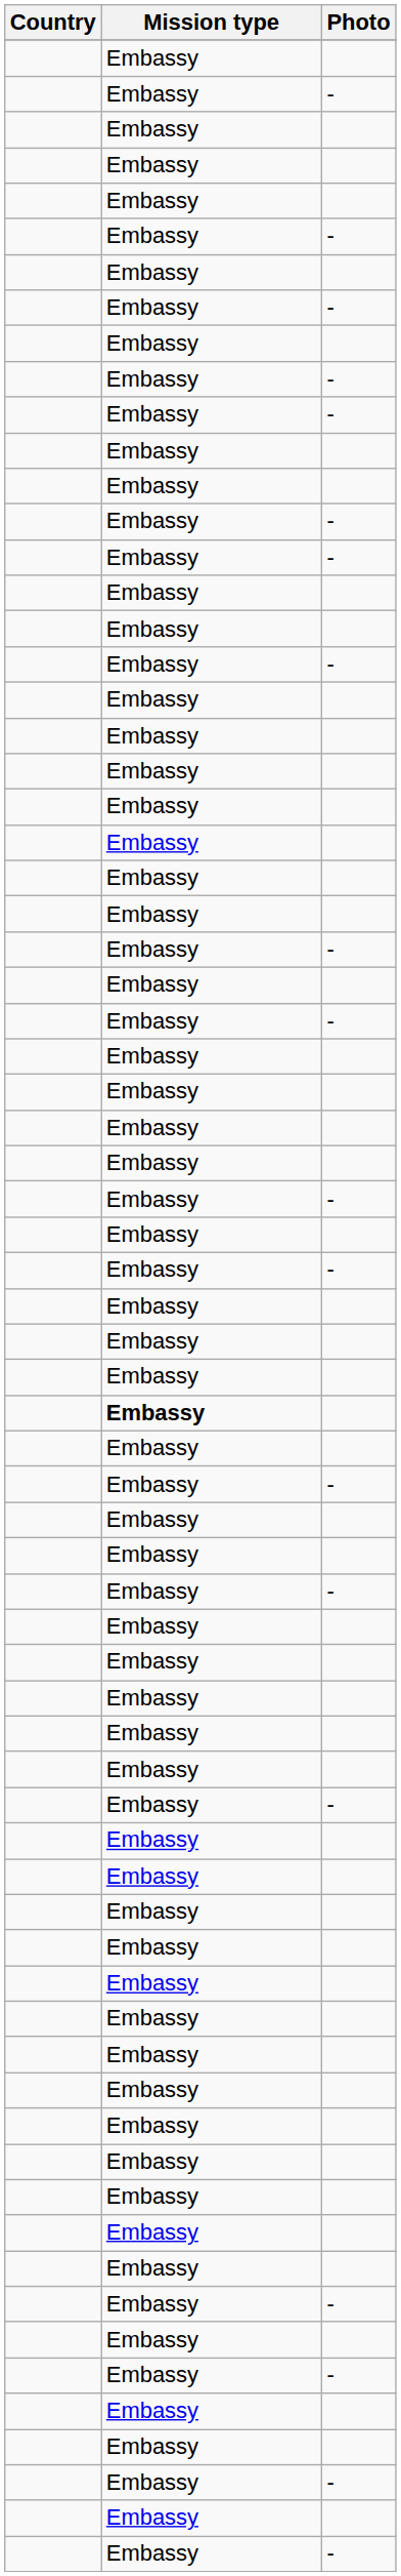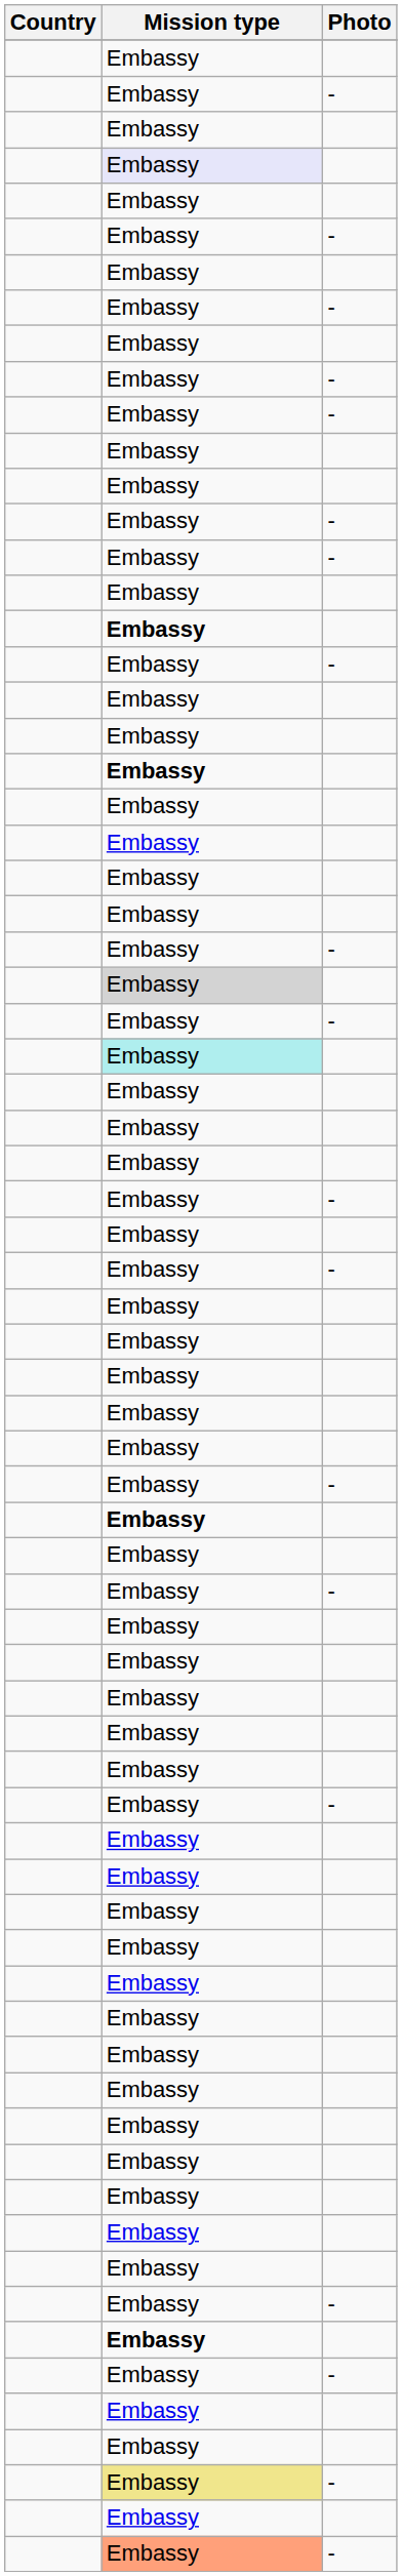 <table class="wikitable sortable">
 <tr valign="middle">
 <th>Country</th>
 <th width=150px>Mission type</th>
 <th>Photo</th>
 </tr>
 <tr style="font-weight:bold; background-color: #DDDDDD">
 </tr>
 <tr>
 <td></td>
 <td>Embassy</td>
 <td></td>
 </tr>
 <tr>
 <td></td>
 <td>Embassy</td>
 <td>-</td>
 </tr>
 <tr>
 <td></td>
 <td>Embassy</td>
 <td></td>
 </tr>
 <tr>
 <td></td>
-<td>Embassy</td>
+<td style="background: lavender;">Embassy</td>
 <td></td>
 </tr>
 <tr>
 <td></td>
 <td>Embassy</td>
 <td></td>
 </tr>
 <tr>
 <td></td>
 <td>Embassy</td>
 <td>-</td>
 </tr>
 <tr>
 <td></td>
 <td>Embassy</td>
 <td></td>
 </tr>
 <tr>
 <td></td>
 <td>Embassy</td>
 <td>-</td>
 </tr>
 <tr>
 <td></td>
 <td>Embassy</td>
 <td></td>
 </tr>
 <tr>
 <td></td>
 <td>Embassy</td>
 <td>-</td>
 </tr>
 <tr>
 <td></td>
 <td>Embassy</td>
 <td>-</td>
 </tr>
 <tr>
 <td></td>
 <td>Embassy</td>
 <td></td>
 </tr>
 <tr>
 <td></td>
 <td>Embassy</td>
 <td></td>
 </tr>
 <tr>
 <td></td>
 <td>Embassy</td>
 <td>-</td>
 </tr>
 <tr>
 <td></td>
 <td>Embassy</td>
 <td>-</td>
 </tr>
 <tr>
 <td></td>
 <td>Embassy</td>
 <td></td>
 </tr>
 <tr>
 <td></td>
-<td>Embassy</td>
+<td><strong>Embassy</strong></td>
 <td></td>
 </tr>
 <tr>
 <td></td>
 <td>Embassy</td>
 <td>-</td>
 </tr>
 <tr>
 <td></td>
 <td>Embassy</td>
 <td></td>
 </tr>
 <tr>
 <td></td>
 <td>Embassy</td>
 <td></td>
 </tr>
 <tr>
 <td></td>
+<td><strong>Embassy</strong></td>
+<td></td>
+</tr>
+<tr>
+<td></td>
+<td>Embassy</td>
+<td></td>
+</tr>
+<tr>
+<td></td>
+<td><a href='#'>Embassy</a></td>
+<td></td>
+</tr>
+<tr>
+<td></td>
 <td>Embassy</td>
 <td></td>
 </tr>
 <tr>
 <td></td>
 <td>Embassy</td>
 <td></td>
 </tr>
 <tr>
 <td></td>
-<td><a href='#'>Embassy</a></td>
+<td>Embassy</td>
+<td>-</td>
+</tr>
+<tr>
+<td></td>
+<td style="background: lightgrey;">Embassy</td>
+<td></td>
+</tr>
+<tr>
+<td></td>
+<td>Embassy</td>
+<td>-</td>
+</tr>
+<tr>
+<td></td>
+<td style="background: paleturquoise;">Embassy</td>
+<td></td>
+</tr>
+<tr>
+<td></td>
+<td>Embassy</td>
 <td></td>
 </tr>
 <tr>
 <td></td>
 <td>Embassy</td>
 <td></td>
 </tr>
 <tr>
 <td></td>
 <td>Embassy</td>
 <td></td>
 </tr>
 <tr>
 <td></td>
 <td>Embassy</td>
 <td>-</td>
 </tr>
 <tr>
 <td></td>
 <td>Embassy</td>
 <td></td>
 </tr>
 <tr>
 <td></td>
 <td>Embassy</td>
 <td>-</td>
 </tr>
 <tr>
 <td></td>
 <td>Embassy</td>
 <td></td>
 </tr>
 <tr>
 <td></td>
 <td>Embassy</td>
 <td></td>
 </tr>
 <tr>
 <td></td>
 <td>Embassy</td>
 <td></td>
 </tr>
 <tr>
 <td></td>
 <td>Embassy</td>
 <td></td>
 </tr>
 <tr>
 <td></td>
 <td>Embassy</td>
-<td>-</td>
-</tr>
-<tr>
-<td></td>
-<td>Embassy</td>
 <td></td>
 </tr>
 <tr>
 <td></td>
 <td>Embassy</td>
 <td>-</td>
 </tr>
 <tr>
 <td></td>
-<td>Embassy</td>
-<td></td>
-</tr>
-<tr>
-<td></td>
-<td>Embassy</td>
-<td></td>
-</tr>
-<tr>
-<td></td>
-<td>Embassy</td>
-<td></td>
-</tr>
-<tr>
-<td></td>
 <td><strong>Embassy</strong></td>
-<td></td>
-</tr>
-<tr>
-<td></td>
-<td>Embassy</td>
-<td></td>
-</tr>
-<tr>
-<td></td>
-<td>Embassy</td>
-<td>-</td>
-</tr>
-<tr>
-<td></td>
-<td>Embassy</td>
 <td></td>
 </tr>
 <tr>
 <td></td>
 <td>Embassy</td>
 <td></td>
 </tr>
 <tr>
 <td></td>
 <td>Embassy</td>
 <td>-</td>
 </tr>
 <tr>
 <td></td>
 <td>Embassy</td>
 <td></td>
 </tr>
 <tr>
 <td></td>
 <td>Embassy</td>
 <td></td>
 </tr>
 <tr>
 <td></td>
 <td>Embassy</td>
 <td></td>
 </tr>
 <tr>
 <td></td>
 <td>Embassy</td>
 <td></td>
 </tr>
 <tr>
 <td></td>
 <td>Embassy</td>
 <td></td>
 </tr>
 <tr>
 <td></td>
 <td>Embassy</td>
 <td>-</td>
 </tr>
 <tr>
 <td></td>
 <td><a href='#'>Embassy</a></td>
 <td></td>
 </tr>
 <tr>
 <td></td>
 <td><a href='#'>Embassy</a></td>
 <td></td>
 </tr>
 <tr>
 <td></td>
 <td>Embassy</td>
 <td></td>
 </tr>
 <tr>
 <td></td>
 <td>Embassy</td>
 <td></td>
 </tr>
 <tr>
 <td></td>
 <td><a href='#'>Embassy</a></td>
 <td></td>
 </tr>
 <tr>
 <td></td>
 <td>Embassy</td>
 <td></td>
 </tr>
 <tr>
 <td></td>
 <td>Embassy</td>
 <td></td>
 </tr>
 <tr>
 <td></td>
 <td>Embassy</td>
 <td></td>
 </tr>
 <tr>
 <td></td>
 <td>Embassy</td>
 <td></td>
 </tr>
 <tr>
 <td></td>
 <td>Embassy</td>
 <td></td>
 </tr>
 <tr>
 <td></td>
 <td>Embassy</td>
 <td></td>
 </tr>
 <tr>
 <td></td>
 <td><a href='#'>Embassy</a></td>
 <td></td>
 </tr>
 <tr>
 <td></td>
 <td>Embassy</td>
 <td></td>
 </tr>
 <tr>
 <td></td>
 <td>Embassy</td>
 <td>-</td>
 </tr>
 <tr>
 <td></td>
-<td>Embassy</td>
+<td><strong>Embassy</strong></td>
 <td></td>
 </tr>
 <tr>
 <td></td>
 <td>Embassy</td>
 <td>-</td>
 </tr>
 <tr>
 <td></td>
 <td><a href='#'>Embassy</a></td>
 <td></td>
 </tr>
 <tr>
 <td></td>
 <td>Embassy</td>
 <td></td>
 </tr>
 <tr>
 <td></td>
-<td>Embassy</td>
+<td style="background: khaki;">Embassy</td>
 <td>-</td>
 </tr>
 <tr>
 <td></td>
 <td><a href='#'>Embassy</a></td>
 <td></td>
 </tr>
 <tr>
 <td></td>
-<td>Embassy</td>
+<td style="background: lightsalmon;">Embassy</td>
 <td>-</td>
 </tr>
 </table>
